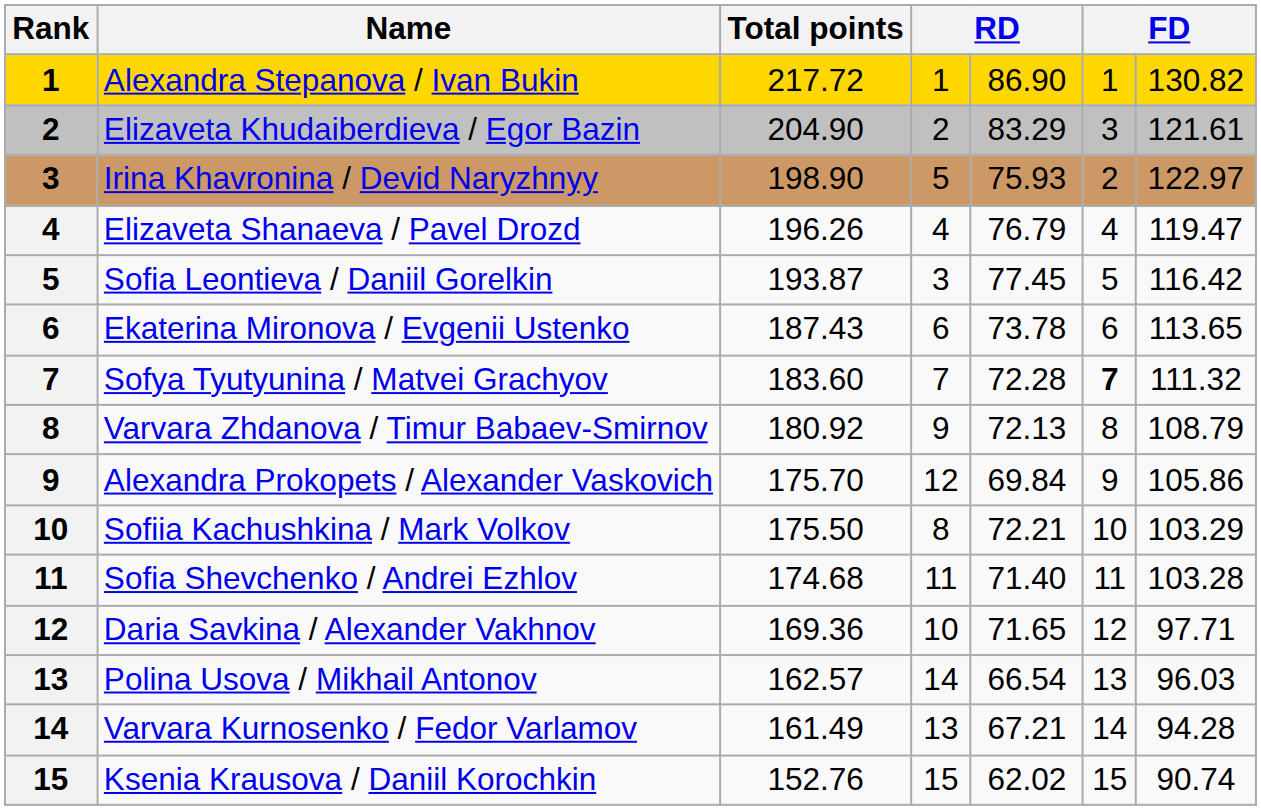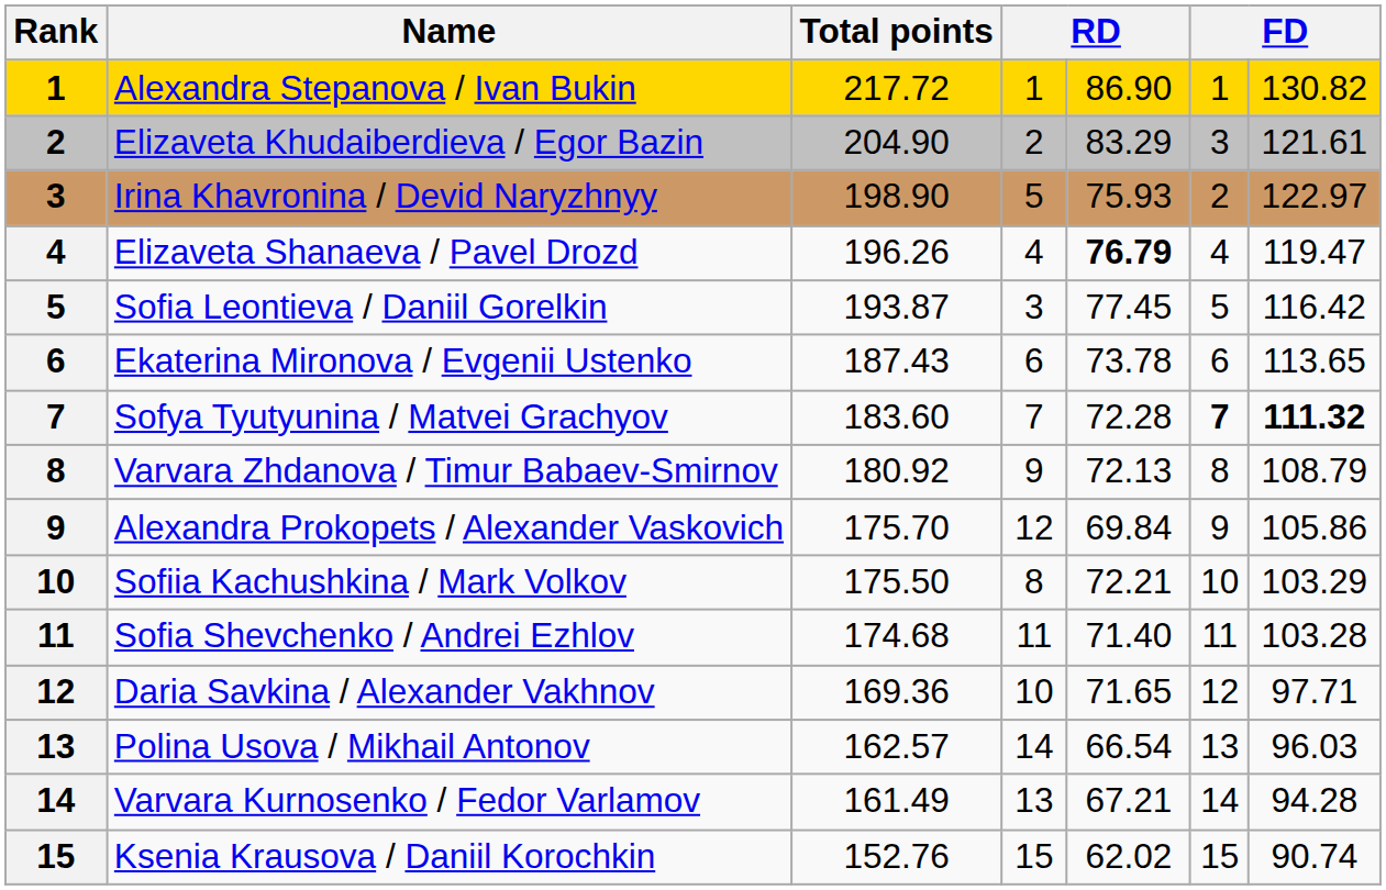 <table class="wikitable sortable">
 <tr>
 <th>Rank</th>
 <th>Name</th>
 <th>Total points</th>
 <th colspan="2" width="80px"><a href='#'>RD</a></th>
 <th colspan="2" width="80px"><a href='#'>FD</a></th>
 </tr>
 <tr bgcolor="gold">
 <td align="center"><strong>1</strong></td>
 <td><a href='#'>Alexandra Stepanova</a> / <a href='#'>Ivan Bukin</a></td>
 <td align="center">217.72</td>
 <td align="center">1</td>
 <td align="center">86.90</td>
 <td align="center">1</td>
 <td align="center">130.82</td>
 </tr>
 <tr bgcolor="silver">
 <td align="center"><strong>2</strong></td>
 <td><a href='#'>Elizaveta Khudaiberdieva</a> / <a href='#'>Egor Bazin</a></td>
 <td align="center">204.90</td>
 <td align="center">2</td>
 <td align="center">83.29</td>
 <td align="center">3</td>
 <td align="center">121.61</td>
 </tr>
 <tr bgcolor="cc9966">
 <td align="center"><strong>3</strong></td>
 <td><a href='#'>Irina Khavronina</a> / <a href='#'>Devid Naryzhnyy</a></td>
 <td align="center">198.90</td>
 <td align="center">5</td>
 <td align="center">75.93</td>
 <td align="center">2</td>
 <td align="center">122.97</td>
 </tr>
 <tr>
 <th>4</th>
 <td><a href='#'>Elizaveta Shanaeva</a> / <a href='#'>Pavel Drozd</a></td>
 <td align="center">196.26</td>
 <td align="center">4</td>
-<td align="center">76.79</td>
+<td align="center"><strong>76.79</strong></td>
 <td align="center">4</td>
 <td align="center">119.47</td>
 </tr>
 <tr>
 <th>5</th>
 <td><a href='#'>Sofia Leontieva</a> / <a href='#'>Daniil Gorelkin</a></td>
 <td align="center">193.87</td>
 <td align="center">3</td>
 <td align="center">77.45</td>
 <td align="center">5</td>
 <td align="center">116.42</td>
 </tr>
 <tr>
 <th>6</th>
 <td><a href='#'>Ekaterina Mironova</a> / <a href='#'>Evgenii Ustenko</a></td>
 <td align="center">187.43</td>
 <td align="center">6</td>
 <td align="center">73.78</td>
 <td align="center">6</td>
 <td align="center">113.65</td>
 </tr>
 <tr>
 <th>7</th>
 <td><a href='#'>Sofya Tyutyunina</a> / <a href='#'>Matvei Grachyov</a></td>
 <td align="center">183.60</td>
 <td align="center">7</td>
 <td align="center">72.28</td>
 <td align="center"><strong>7</strong></td>
-<td align="center">111.32</td>
+<td align="center"><strong>111.32</strong></td>
 </tr>
 <tr>
 <th>8</th>
 <td><a href='#'>Varvara Zhdanova</a> / <a href='#'>Timur Babaev-Smirnov</a></td>
 <td align="center">180.92</td>
 <td align="center">9</td>
 <td align="center">72.13</td>
 <td align="center">8</td>
 <td align="center">108.79</td>
 </tr>
 <tr>
 <th>9</th>
 <td><a href='#'>Alexandra Prokopets</a> / <a href='#'>Alexander Vaskovich</a></td>
 <td align="center">175.70</td>
 <td align="center">12</td>
 <td align="center">69.84</td>
 <td align="center">9</td>
 <td align="center">105.86</td>
 </tr>
 <tr>
 <th>10</th>
 <td><a href='#'>Sofiia Kachushkina</a> / <a href='#'>Mark Volkov</a></td>
 <td align="center">175.50</td>
 <td align="center">8</td>
 <td align="center">72.21</td>
 <td align="center">10</td>
 <td align="center">103.29</td>
 </tr>
 <tr>
 <th>11</th>
 <td><a href='#'>Sofia Shevchenko</a> / <a href='#'>Andrei Ezhlov</a></td>
 <td align="center">174.68</td>
 <td align="center">11</td>
 <td align="center">71.40</td>
 <td align="center">11</td>
 <td align="center">103.28</td>
 </tr>
 <tr>
 <th>12</th>
 <td><a href='#'>Daria Savkina</a> / <a href='#'>Alexander Vakhnov</a></td>
 <td align="center">169.36</td>
 <td align="center">10</td>
 <td align="center">71.65</td>
 <td align="center">12</td>
 <td align="center">97.71</td>
 </tr>
 <tr>
 <th>13</th>
 <td><a href='#'>Polina Usova</a> / <a href='#'>Mikhail Antonov</a></td>
 <td align="center">162.57</td>
 <td align="center">14</td>
 <td align="center">66.54</td>
 <td align="center">13</td>
 <td align="center">96.03</td>
 </tr>
 <tr>
 <th>14</th>
 <td><a href='#'>Varvara Kurnosenko</a> / <a href='#'>Fedor Varlamov</a></td>
 <td align="center">161.49</td>
 <td align="center">13</td>
 <td align="center">67.21</td>
 <td align="center">14</td>
 <td align="center">94.28</td>
 </tr>
 <tr>
 <th>15</th>
 <td><a href='#'>Ksenia Krausova</a> / <a href='#'>Daniil Korochkin</a></td>
 <td align="center">152.76</td>
 <td align="center">15</td>
 <td align="center">62.02</td>
 <td align="center">15</td>
 <td align="center">90.74</td>
 </tr>
 </table>
